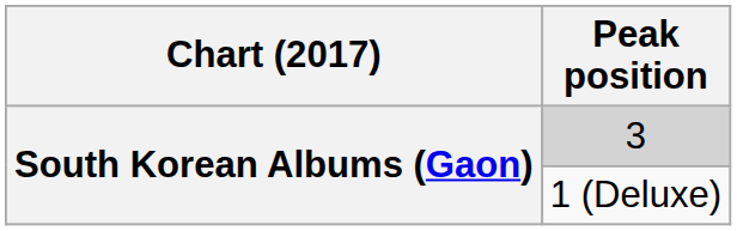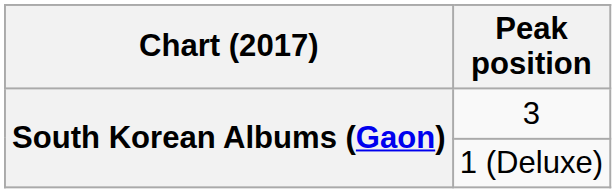 <table class="wikitable plainrowheaders" style="text-align:center">
 <tr>
 <th>Chart (2017)</th>
 <th>Peak<br>position</th>
 </tr>
 <tr>
 <th scope="row" rowspan="2">South Korean Albums (<a href='#'>Gaon</a>)</th>
-<td style="background: lightgrey;">3</td>
+<td>3</td>
 </tr>
 <tr>
 <td>1 (Deluxe)</td>
 </tr>
 </table>
